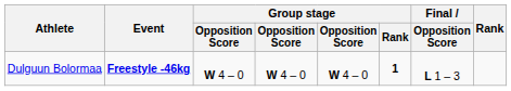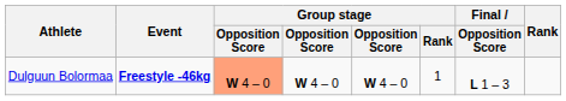 <table class="wikitable" style="font-size:90%">
 <tr>
 <th rowspan=2>Athlete</th>
 <th rowspan=2>Event</th>
 <th colspan=4>Group stage</th>
 <th>Final / </th>
 <th rowspan=2>Rank</th>
 </tr>
 <tr style="font-size:95%">
 <th>Opposition<br>Score</th>
 <th>Opposition<br>Score</th>
 <th>Opposition<br>Score</th>
 <th>Rank</th>
 <th>Opposition<br>Score</th>
 </tr>
 <tr align=center>
 <td align=left><a href='#'>Dulguun Bolormaa</a></td>
 <td align=left><strong><a href='#'>Freestyle -46kg</a></strong></td>
+<td style="background: lightsalmon;"><br><strong>W</strong> 4 – 0</td>
 <td><br><strong>W</strong> 4 – 0</td>
 <td><br><strong>W</strong> 4 – 0</td>
-<td><br><strong>W</strong> 4 – 0</td>
-<td><strong>1 </strong></td>
+<td>1 </td>
 <td><br><strong>L</strong> 1 – 3 <sup></sup></td>
 <td></td>
 </tr>
 </table>
